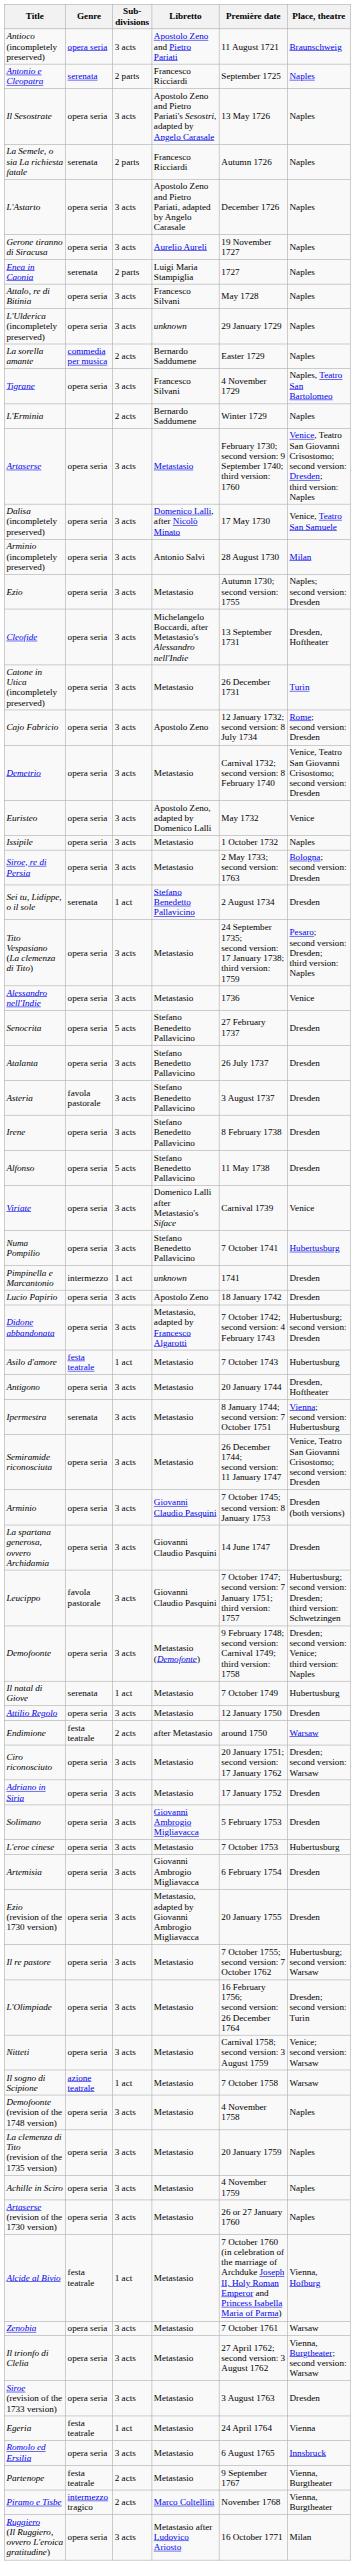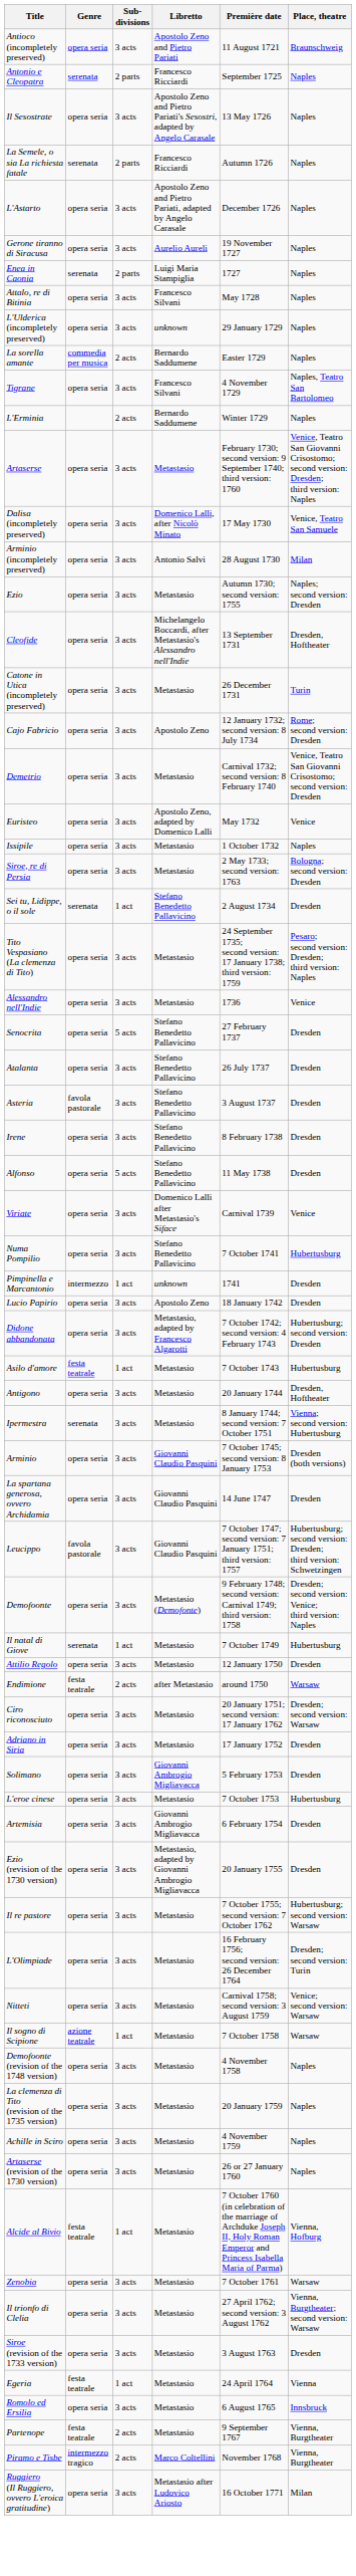 <table class="wikitable sortable">
 <tr>
 <th>Title</th>
 <th>Genre</th>
 <th>Sub­divisions</th>
 <th>Libretto</th>
 <th>Première date</th>
 <th>Place, theatre</th>
 </tr>
 <tr>
 <td><em>Antioco</em><br>(incompletely preserved)</td>
 <td><a href='#'>opera seria</a></td>
 <td>3 acts</td>
 <td><a href='#'>Apostolo Zeno</a> and <a href='#'>Pietro Pariati</a></td>
 <td>11 August 1721</td>
 <td><a href='#'>Braunschweig</a></td>
 </tr>
 <tr>
 <td><em><a href='#'>Antonio e Cleopatra</a></em></td>
 <td><a href='#'>serenata</a></td>
 <td>2 parts</td>
 <td>Francesco Ricciardi</td>
 <td>September 1725</td>
 <td><a href='#'>Naples</a></td>
 </tr>
 <tr>
 <td><em>Il Sesostrate</em></td>
 <td>opera seria</td>
 <td>3 acts</td>
 <td>Apostolo Zeno and Pietro Pariati's <em>Sesostri</em>, adapted by <a href='#'>Angelo Carasale</a></td>
 <td>13 May 1726</td>
 <td>Naples</td>
 </tr>
 <tr>
 <td><em>La Semele, o sia La richiesta fatale</em></td>
 <td>serenata</td>
 <td>2 parts</td>
 <td>Francesco Ricciardi</td>
 <td>Autumn 1726</td>
 <td>Naples</td>
 </tr>
 <tr>
 <td><em>L'Astarto</em></td>
 <td>opera seria</td>
 <td>3 acts</td>
 <td>Apostolo Zeno and Pietro Pariati, adapted by Angelo Carasale</td>
 <td>December 1726</td>
 <td>Naples</td>
 </tr>
 <tr>
 <td><em>Gerone tiranno di Siracusa</em></td>
 <td>opera seria</td>
 <td>3 acts</td>
 <td> <a href='#'>Aurelio Aureli</a></td>
 <td>19 November 1727</td>
 <td>Naples</td>
 </tr>
 <tr>
 <td><em><a href='#'>Enea in Caonia</a></em></td>
 <td>serenata</td>
 <td>2 parts</td>
 <td>Luigi Maria Stampiglia</td>
 <td>1727</td>
 <td>Naples</td>
 </tr>
 <tr>
 <td><em>Attalo, re di Bitinia</em></td>
 <td>opera seria</td>
 <td>3 acts</td>
 <td>Francesco Silvani</td>
 <td>May 1728</td>
 <td>Naples</td>
 </tr>
 <tr>
 <td><em>L'Ulderica</em><br>(incompletely preserved)</td>
 <td>opera seria</td>
 <td>3 acts</td>
 <td><em>unknown</em></td>
 <td>29 January 1729</td>
 <td>Naples</td>
 </tr>
 <tr>
 <td><em>La sorella amante</em></td>
 <td><a href='#'>commedia per musica</a></td>
 <td>2 acts</td>
 <td>Bernardo Saddumene</td>
 <td>Easter 1729</td>
 <td>Naples</td>
 </tr>
 <tr>
 <td><em><a href='#'>Tigrane</a></em></td>
 <td>opera seria</td>
 <td>3 acts</td>
 <td>Francesco Silvani</td>
 <td>4 November 1729</td>
 <td>Naples, <a href='#'>Teatro San Bartolomeo</a></td>
 </tr>
 <tr>
 <td><em>L'Erminia</em></td>
 <td></td>
 <td>2 acts</td>
 <td>Bernardo Saddumene</td>
 <td>Winter 1729</td>
 <td>Naples</td>
 </tr>
 <tr>
 <td><em><a href='#'>Artaserse</a></em></td>
 <td>opera seria</td>
 <td>3 acts</td>
 <td><a href='#'>Metastasio</a></td>
 <td>February 1730;<br>second version: 9 September 1740;<br>third version: 1760</td>
 <td><a href='#'>Venice</a>, Teatro San Giovanni Crisostomo;<br>second version: <a href='#'>Dresden</a>;<br>third version: Naples</td>
 </tr>
 <tr>
 <td><em>Dalisa</em><br>(incompletely preserved)</td>
 <td>opera seria</td>
 <td>3 acts</td>
 <td><a href='#'>Domenico Lalli</a>, after <a href='#'>Nicolò Minato</a></td>
 <td>17 May 1730</td>
 <td>Venice, <a href='#'>Teatro San Samuele</a></td>
 </tr>
 <tr>
 <td><em>Arminio</em><br>(incompletely preserved)</td>
 <td>opera seria</td>
 <td>3 acts</td>
 <td>Antonio Salvi</td>
 <td>28 August 1730</td>
 <td><a href='#'>Milan</a></td>
 </tr>
 <tr>
 <td><em>Ezio</em></td>
 <td>opera seria</td>
 <td>3 acts</td>
 <td>Metastasio</td>
 <td>Autumn 1730;<br>second version: 1755</td>
 <td>Naples;<br>second version: Dresden</td>
 </tr>
 <tr>
 <td><em><a href='#'>Cleofide</a></em></td>
 <td>opera seria</td>
 <td>3 acts</td>
 <td>Michelangelo Boccardi, after Metastasio's <em>Alessandro nell'Indie</em></td>
 <td>13 September 1731</td>
 <td>Dresden, Hoftheater</td>
 </tr>
 <tr>
 <td><em>Catone in Utica</em><br>(incompletely preserved)</td>
 <td>opera seria</td>
 <td>3 acts</td>
 <td>Metastasio</td>
 <td>26 December 1731</td>
 <td><a href='#'>Turin</a></td>
 </tr>
 <tr>
 <td><em>Cajo Fabricio</em></td>
 <td>opera seria</td>
 <td>3 acts</td>
 <td>Apostolo Zeno</td>
 <td>12 January 1732;<br>second version: 8 July 1734</td>
 <td><a href='#'>Rome</a>;<br>second version: Dresden</td>
 </tr>
 <tr>
 <td><em><a href='#'>Demetrio</a></em></td>
 <td>opera seria</td>
 <td>3 acts</td>
 <td>Metastasio</td>
 <td>Carnival 1732;<br>second version: 8 February 1740</td>
 <td>Venice, Teatro San Giovanni Crisostomo;<br>second version: Dresden</td>
 </tr>
 <tr>
 <td><em>Euristeo</em></td>
 <td>opera seria</td>
 <td>3 acts</td>
 <td>Apostolo Zeno, adapted by Domenico Lalli</td>
 <td>May 1732</td>
 <td>Venice</td>
 </tr>
 <tr>
 <td><em>Issipile</em></td>
 <td>opera seria</td>
 <td>3 acts</td>
 <td>Metastasio</td>
 <td>1 October 1732</td>
 <td>Naples</td>
 </tr>
 <tr>
 <td><em><a href='#'>Siroe, re di Persia</a></em></td>
 <td>opera seria</td>
 <td>3 acts</td>
 <td>Metastasio</td>
 <td>2 May 1733;<br>second version: 1763</td>
 <td><a href='#'>Bologna</a>;<br>second version: Dresden</td>
 </tr>
 <tr>
 <td><em>Sei tu, Lidippe, o il sole</em></td>
 <td>serenata</td>
 <td>1 act</td>
 <td><a href='#'>Stefano Benedetto Pallavicino</a></td>
 <td>2 August 1734</td>
 <td>Dresden</td>
 </tr>
 <tr>
 <td><em>Tito Vespasiano</em><br>(<em>La clemenza di Tito</em>)</td>
 <td>opera seria</td>
 <td>3 acts</td>
 <td>Metastasio</td>
 <td>24 September 1735;<br>second version: 17 January 1738;<br>third version: 1759</td>
 <td><a href='#'>Pesaro</a>;<br>second version: Dresden;<br>third version: Naples</td>
 </tr>
 <tr>
 <td><em><a href='#'>Alessandro nell'Indie</a></em></td>
 <td>opera seria</td>
 <td>3 acts</td>
 <td>Metastasio</td>
 <td>1736</td>
 <td>Venice</td>
 </tr>
 <tr>
 <td><em>Senocrita</em></td>
 <td>opera seria</td>
 <td>5 acts</td>
 <td>Stefano Benedetto Pallavicino</td>
 <td>27 February 1737</td>
 <td>Dresden</td>
 </tr>
 <tr>
 <td><em>Atalanta</em></td>
 <td>opera seria</td>
 <td>3 acts</td>
 <td>Stefano Benedetto Pallavicino</td>
 <td>26 July 1737</td>
 <td>Dresden</td>
 </tr>
 <tr>
 <td><em>Asteria</em></td>
 <td>favola pastorale</td>
 <td>3 acts</td>
 <td>Stefano Benedetto Pallavicino</td>
 <td>3 August 1737</td>
 <td>Dresden</td>
 </tr>
 <tr>
 <td><em>Irene</em></td>
 <td>opera seria</td>
 <td>3 acts</td>
 <td>Stefano Benedetto Pallavicino</td>
 <td>8 February 1738</td>
 <td>Dresden</td>
 </tr>
 <tr>
 <td><em>Alfonso</em></td>
 <td>opera seria</td>
 <td>5 acts</td>
 <td>Stefano Benedetto Pallavicino</td>
 <td>11 May 1738</td>
 <td>Dresden</td>
 </tr>
 <tr>
 <td><em><a href='#'>Viriate</a></em></td>
 <td>opera seria</td>
 <td>3 acts</td>
 <td>Domenico Lalli after Metastasio's <em>Siface</em></td>
 <td>Carnival 1739</td>
 <td>Venice</td>
 </tr>
 <tr>
 <td><em>Numa Pompilio</em></td>
 <td>opera seria</td>
 <td>3 acts</td>
 <td>Stefano Benedetto Pallavicino</td>
 <td>7 October 1741</td>
 <td><a href='#'>Hubertusburg</a></td>
 </tr>
 <tr>
 <td><em>Pimpinella e Marcantonio</em></td>
 <td>intermezzo</td>
 <td>1 act</td>
 <td><em>unknown</em></td>
 <td>1741</td>
 <td>Dresden</td>
 </tr>
 <tr>
 <td><em>Lucio Papirio</em></td>
 <td>opera seria</td>
 <td>3 acts</td>
 <td>Apostolo Zeno</td>
 <td>18 January 1742</td>
 <td>Dresden</td>
 </tr>
 <tr>
 <td><em><a href='#'>Didone abbandonata</a></em></td>
 <td>opera seria</td>
 <td>3 acts</td>
 <td>Metastasio, adapted by <a href='#'>Francesco Algarotti</a></td>
 <td>7 October 1742;<br>second version: 4 February 1743</td>
 <td>Hubertusburg;<br>second version: Dresden</td>
 </tr>
 <tr>
 <td><em>Asilo d'amore</em></td>
 <td><a href='#'>festa teatrale</a></td>
 <td>1 act</td>
 <td>Metastasio</td>
 <td>7 October 1743</td>
 <td>Hubertusburg</td>
 </tr>
 <tr>
 <td><em>Antigono</em></td>
 <td>opera seria</td>
 <td>3 acts</td>
 <td>Metastasio</td>
 <td> 20 January 1744</td>
 <td>Dresden, Hoftheater</td>
 </tr>
 <tr>
 <td><em>Ipermestra</em></td>
 <td>serenata</td>
 <td>3 acts</td>
 <td>Metastasio</td>
 <td> 8 January 1744;<br>second version: 7 October 1751</td>
 <td><a href='#'>Vienna</a>;<br>second version: Hubertusburg</td>
 </tr>
 <tr>
-<td><em>Semiramide riconosciuta</em></td>
-<td>opera seria</td>
-<td>3 acts</td>
-<td>Metastasio</td>
-<td>26 December 1744;<br>second version: 11 January 1747</td>
-<td>Venice, Teatro San Giovanni Crisostomo;<br>second version: Dresden</td>
-</tr>
-<tr>
 <td><em>Arminio</em></td>
 <td>opera seria</td>
 <td>3 acts</td>
 <td><a href='#'>Giovanni Claudio Pasquini</a></td>
 <td>7 October 1745;<br>second version: 8 January 1753</td>
 <td>Dresden<br>(both versions)</td>
 </tr>
 <tr>
 <td><em>La spartana generosa, ovvero Archidamia</em></td>
 <td>opera seria</td>
 <td>3 acts</td>
 <td>Giovanni Claudio Pasquini</td>
 <td>14 June 1747</td>
 <td>Dresden</td>
 </tr>
 <tr>
 <td><em>Leucippo</em></td>
 <td>favola pastorale</td>
 <td>3 acts</td>
 <td>Giovanni Claudio Pasquini</td>
 <td>7 October 1747;<br>second version: 7 January 1751;<br>third version: 1757</td>
 <td>Hubertusburg;<br>second version: Dresden;<br>third version: Schwetzingen</td>
 </tr>
 <tr>
 <td><em>Demofoonte</em></td>
 <td>opera seria</td>
 <td>3 acts</td>
 <td>Metastasio (<em><a href='#'>Demofonte</a></em>)</td>
 <td>9 February 1748;<br>second version: Carnival 1749;<br>third version: 1758</td>
 <td>Dresden;<br>second version: Venice;<br>third version: Naples</td>
 </tr>
 <tr>
 <td><em>Il natal di Giove</em></td>
 <td>serenata</td>
 <td>1 act</td>
 <td>Metastasio</td>
 <td>7 October 1749</td>
 <td>Hubertusburg</td>
 </tr>
 <tr>
 <td><em><a href='#'>Attilio Regolo</a></em></td>
 <td>opera seria</td>
 <td>3 acts</td>
 <td>Metastasio</td>
 <td>12 January 1750</td>
 <td>Dresden</td>
 </tr>
 <tr>
 <td><em>Endimione</em></td>
 <td>festa teatrale</td>
 <td>2 acts</td>
 <td>after Metastasio</td>
 <td>around 1750</td>
 <td><a href='#'>Warsaw</a></td>
 </tr>
 <tr>
 <td><em>Ciro riconosciuto</em></td>
 <td>opera seria</td>
 <td>3 acts</td>
 <td>Metastasio</td>
 <td>20 January 1751;<br>second version: 17 January 1762</td>
 <td>Dresden;<br>second version: Warsaw</td>
 </tr>
 <tr>
 <td><em><a href='#'>Adriano in Siria</a></em></td>
 <td>opera seria</td>
 <td>3 acts</td>
 <td>Metastasio</td>
 <td>17 January 1752</td>
 <td>Dresden</td>
 </tr>
 <tr>
 <td><em>Solimano</em></td>
 <td>opera seria</td>
 <td>3 acts</td>
 <td><a href='#'>Giovanni Ambrogio Migliavacca</a></td>
 <td>5 February 1753</td>
 <td>Dresden</td>
 </tr>
 <tr>
 <td><em>L'eroe cinese</em></td>
 <td>opera seria</td>
 <td>3 acts</td>
 <td>Metastasio</td>
 <td>7 October 1753</td>
 <td>Hubertusburg</td>
 </tr>
 <tr>
 <td><em>Artemisia</em></td>
 <td>opera seria</td>
 <td>3 acts</td>
 <td>Giovanni Ambrogio Migliavacca</td>
 <td>6 February 1754</td>
 <td>Dresden</td>
 </tr>
 <tr>
 <td><em>Ezio</em><br>(revision of the 1730 version)</td>
 <td>opera seria</td>
 <td>3 acts</td>
 <td>Metastasio, adapted by Giovanni Ambrogio Migliavacca</td>
 <td>20 January 1755</td>
 <td>Dresden</td>
 </tr>
 <tr>
 <td><em>Il re pastore</em></td>
 <td>opera seria</td>
 <td>3 acts</td>
 <td>Metastasio</td>
 <td>7 October 1755;<br>second version: 7 October 1762</td>
 <td>Hubertusburg;<br>second version: Warsaw</td>
 </tr>
 <tr>
 <td><em>L'Olimpiade</em></td>
 <td>opera seria</td>
 <td>3 acts</td>
 <td>Metastasio</td>
 <td>16 February 1756;<br>second version: 26 December 1764</td>
 <td>Dresden;<br>second version: Turin</td>
 </tr>
 <tr>
 <td><em>Nitteti</em></td>
 <td>opera seria</td>
 <td>3 acts</td>
 <td>Metastasio</td>
 <td>Carnival 1758;<br>second version: 3 August 1759</td>
 <td>Venice;<br>second version: Warsaw</td>
 </tr>
 <tr>
 <td><em>Il sogno di Scipione</em></td>
 <td><a href='#'>azione teatrale</a></td>
 <td>1 act</td>
 <td>Metastasio</td>
 <td>7 October 1758</td>
 <td>Warsaw</td>
 </tr>
 <tr>
 <td><em>Demofoonte</em><br>(revision of the 1748 version)</td>
 <td>opera seria</td>
 <td>3 acts</td>
 <td>Metastasio</td>
 <td>4 November 1758</td>
 <td>Naples</td>
 </tr>
 <tr>
 <td><em>La clemenza di Tito</em><br>(revision of the 1735 version)</td>
 <td>opera seria</td>
 <td>3 acts</td>
 <td>Metastasio</td>
 <td>20 January 1759</td>
 <td>Naples</td>
 </tr>
 <tr>
 <td><em>Achille in Sciro</em></td>
 <td>opera seria</td>
 <td>3 acts</td>
 <td>Metastasio</td>
 <td>4 November 1759</td>
 <td>Naples</td>
 </tr>
 <tr>
 <td><em><a href='#'>Artaserse</a></em><br>(revision of the 1730 version)</td>
 <td>opera seria</td>
 <td>3 acts</td>
 <td>Metastasio</td>
 <td>26 or 27 January 1760</td>
 <td>Naples</td>
 </tr>
 <tr>
 <td><em><a href='#'>Alcide al Bivio</a></em></td>
 <td>festa teatrale</td>
 <td>1 act</td>
 <td>Metastasio</td>
 <td>7 October 1760<br>(in celebration of the marriage of Archduke <a href='#'>Joseph II, Holy Roman Emperor</a> and <a href='#'>Princess Isabella Maria of Parma</a>)</td>
 <td>Vienna, <a href='#'>Hofburg</a></td>
 </tr>
 <tr>
 <td><em><a href='#'>Zenobia</a></em></td>
 <td>opera seria</td>
 <td>3 acts</td>
 <td>Metastasio</td>
 <td>7 October 1761</td>
 <td>Warsaw</td>
 </tr>
 <tr>
 <td><em>Il trionfo di Clelia</em></td>
 <td>opera seria</td>
 <td>3 acts</td>
 <td>Metastasio</td>
 <td>27 April 1762;<br>second version: 3 August 1762</td>
 <td>Vienna, <a href='#'>Burgtheater</a>;<br>second version: Warsaw</td>
 </tr>
 <tr>
 <td><em><a href='#'>Siroe</a></em><br>(revision of the 1733 version)</td>
 <td>opera seria</td>
 <td>3 acts</td>
 <td>Metastasio</td>
 <td>3 August 1763</td>
 <td>Dresden</td>
 </tr>
 <tr>
 <td><em>Egeria</em></td>
 <td>festa teatrale</td>
 <td>1 act</td>
 <td>Metastasio</td>
 <td>24 April 1764</td>
 <td>Vienna</td>
 </tr>
 <tr>
 <td><em><a href='#'>Romolo ed Ersilia</a></em></td>
 <td>opera seria</td>
 <td>3 acts</td>
 <td>Metastasio</td>
 <td>6 August 1765</td>
 <td><a href='#'>Innsbruck</a></td>
 </tr>
 <tr>
 <td><em>Partenope</em></td>
 <td>festa teatrale</td>
 <td>2 acts</td>
 <td>Metastasio</td>
 <td>9 September 1767</td>
 <td>Vienna, Burgtheater</td>
 </tr>
 <tr>
 <td><em><a href='#'>Piramo e Tisbe</a></em></td>
 <td><a href='#'>intermezzo</a> tragico</td>
 <td>2 acts</td>
 <td><a href='#'>Marco Coltellini</a></td>
 <td>November 1768</td>
 <td>Vienna, Burgtheater</td>
 </tr>
 <tr>
 <td><em><a href='#'>Ruggiero</a></em><br>(<em>Il Ruggiero, ovvero L'eroica gratitudine</em>)</td>
 <td>opera seria</td>
 <td>3 acts</td>
 <td>Metastasio after <a href='#'>Ludovico Ariosto</a></td>
 <td>16 October 1771</td>
 <td>Milan</td>
 </tr>
 </table>
